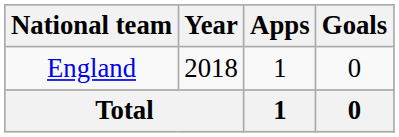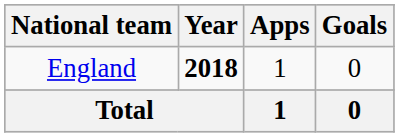 <table class="wikitable" style="text-align: center;">
 <tr>
 <th>National team</th>
 <th>Year</th>
 <th>Apps</th>
 <th>Goals</th>
 </tr>
 <tr>
 <td><a href='#'>England</a></td>
-<td>2018</td>
+<td><strong>2018</strong></td>
 <td>1</td>
 <td>0</td>
 </tr>
 <tr>
 <th colspan="2">Total</th>
 <th>1</th>
 <th>0</th>
 </tr>
 </table>
